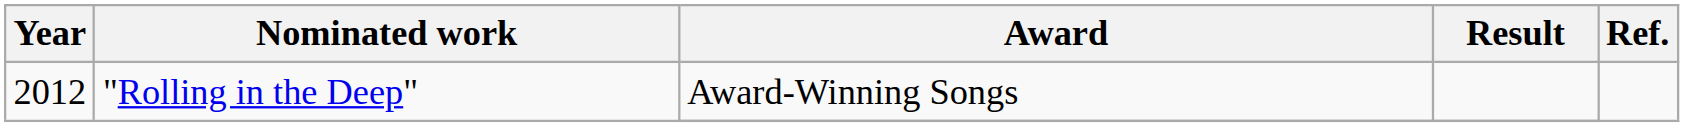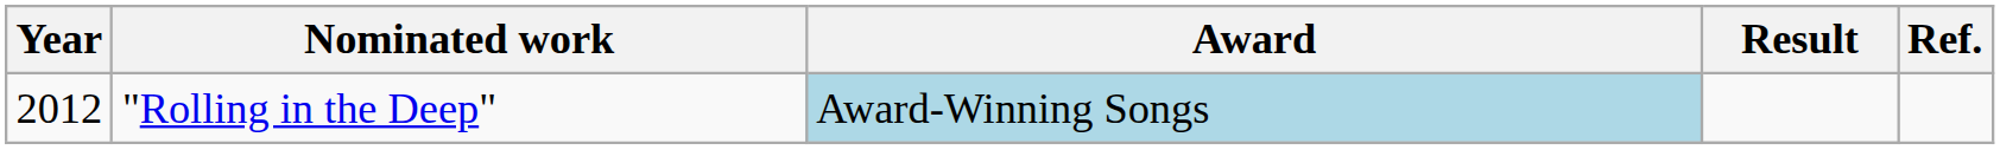 <table class="wikitable">
 <tr>
 <th>Year</th>
 <th width="250">Nominated work</th>
 <th width="325">Award</th>
 <th width="65">Result</th>
 <th>Ref.</th>
 </tr>
 <tr>
 <td rowspan="2">2012</td>
 <td rowspan="2">"<a href='#'>Rolling in the Deep</a>"</td>
-<td>Award-Winning Songs</td>
+<td style="background: lightblue;">Award-Winning Songs</td>
 <td></td>
 <td rowspan="4" style="text-align:center;"></td>
 </tr>
 <tr>
 </tr>
 </table>
